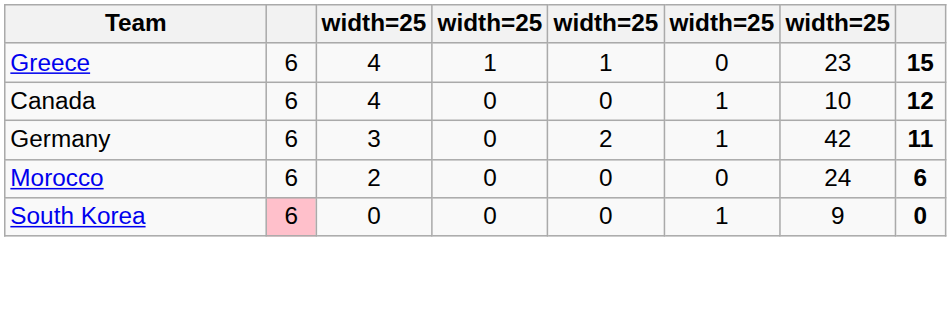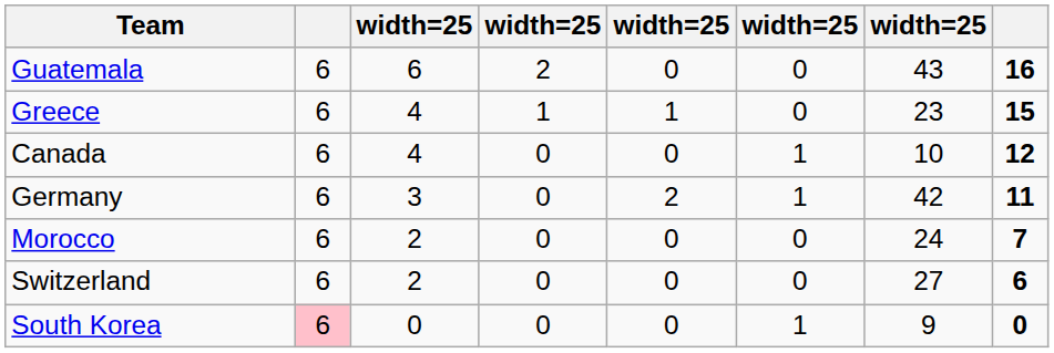 <table class="wikitable sortable" style="text-align: center; ">
 <tr>
 <th width=165>Team</th>
 <th width=25></th>
 <th>width=25</th>
 <th>width=25</th>
 <th>width=25</th>
 <th>width=25</th>
 <th>width=25</th>
 <th width=25></th>
+</tr>
+<tr>
+<td style="text-align:left;"> <a href='#'>Guatemala</a></td>
+<td>6</td>
+<td>6</td>
+<td>2</td>
+<td>0</td>
+<td>0</td>
+<td>43</td>
+<td><strong>16</strong></td>
 </tr>
 <tr>
 <td style="text-align:left;"> <a href='#'>Greece</a></td>
 <td>6</td>
 <td>4</td>
 <td>1</td>
 <td>1</td>
 <td>0</td>
 <td>23</td>
 <td><strong>15</strong></td>
 </tr>
 <tr>
 <td style="text-align:left;"> Canada</td>
 <td>6</td>
 <td>4</td>
 <td>0</td>
 <td>0</td>
 <td>1</td>
 <td>10</td>
 <td><strong>12</strong></td>
 </tr>
 <tr>
 <td style="text-align:left;"> Germany</td>
 <td>6</td>
 <td>3</td>
 <td>0</td>
 <td>2</td>
 <td>1</td>
 <td>42</td>
 <td><strong>11</strong></td>
 </tr>
 <tr>
 <td style="text-align:left;"> <a href='#'>Morocco</a></td>
 <td>6</td>
 <td>2</td>
 <td>0</td>
 <td>0</td>
 <td>0</td>
 <td>24</td>
+<td><strong>7</strong></td>
+</tr>
+<tr>
+<td style="text-align:left;"> Switzerland</td>
+<td>6</td>
+<td>2</td>
+<td>0</td>
+<td>0</td>
+<td>0</td>
+<td>27</td>
 <td><strong>6</strong></td>
 </tr>
 <tr>
 <td style="text-align:left;"> <a href='#'>South Korea</a></td>
 <td style="background: pink;">6</td>
 <td>0</td>
 <td>0</td>
 <td>0</td>
 <td>1</td>
 <td>9</td>
 <td><strong>0</strong></td>
 </tr>
 </table>
